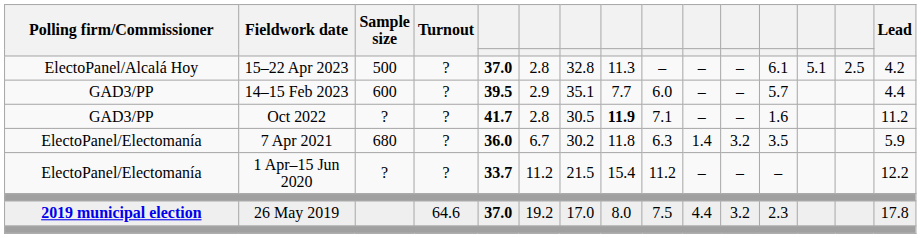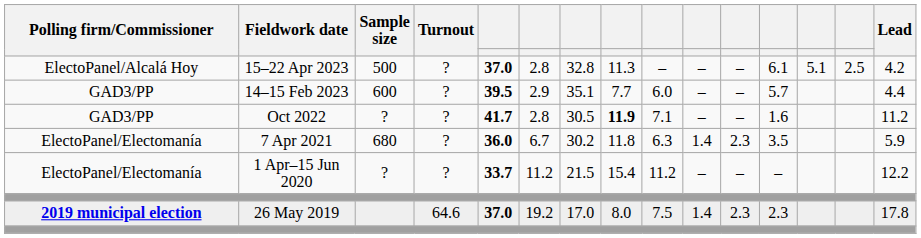 <table class="wikitable collapsible collapsed" style="text-align:center; font-size:95%; line-height:16px;">
 <tr style="height:42px;">
 <th style="width:250px;" rowspan="2">Polling firm/Commissioner</th>
 <th style="width:125px;" rowspan="2">Fieldwork date</th>
 <th style="width:50px;" rowspan="2">Sample size</th>
 <th style="width:45px;" rowspan="2">Turnout</th>
 <th style="width:35px;"></th>
 <th style="width:35px;"></th>
 <th style="width:35px;"></th>
 <th style="width:35px;"></th>
 <th style="width:35px;"></th>
 <th style="width:35px;"></th>
 <th style="width:35px;"></th>
 <th style="width:35px;"></th>
 <th style="width:35px;"></th>
 <th style="width:35px;"></th>
 <th style="width:30px;" rowspan="2">Lead</th>
 </tr>
 <tr>
 <th style="color:inherit;background:"></th>
 <th style="color:inherit;background:"></th>
 <th style="color:inherit;background:"></th>
 <th style="color:inherit;background:"></th>
 <th style="color:inherit;background:"></th>
 <th style="color:inherit;background:"></th>
 <th style="color:inherit;background:"></th>
 <th style="color:inherit;background:"></th>
 <th style="color:inherit;background:"></th>
 <th style="color:inherit;background:"></th>
 </tr>
 <tr>
 <td>ElectoPanel/Alcalá Hoy</td>
 <td>15–22 Apr 2023</td>
 <td>500</td>
 <td>?</td>
 <td><strong>37.0</strong><br></td>
 <td>2.8<br></td>
 <td>32.8<br></td>
 <td>11.3<br></td>
 <td>–</td>
 <td>–</td>
 <td>–</td>
 <td>6.1<br></td>
 <td>5.1<br></td>
 <td>2.5<br></td>
 <td style="background:">4.2</td>
 </tr>
 <tr>
 <td>GAD3/PP</td>
 <td>14–15 Feb 2023</td>
 <td>600</td>
 <td>?</td>
 <td><strong>39.5</strong><br></td>
 <td>2.9<br></td>
 <td>35.1<br></td>
 <td>7.7<br></td>
 <td>6.0<br></td>
 <td>–</td>
 <td>–</td>
 <td>5.7<br></td>
 <td></td>
 <td></td>
 <td style="background:">4.4</td>
 </tr>
 <tr>
 <td>GAD3/PP</td>
 <td>Oct 2022</td>
 <td>?</td>
 <td>?</td>
 <td><strong>41.7</strong><br></td>
 <td>2.8<br></td>
 <td>30.5<br></td>
 <td><strong>11.9<br></strong></td>
 <td>7.1<br></td>
 <td>–</td>
 <td>–</td>
 <td>1.6<br></td>
 <td></td>
 <td></td>
 <td style="background:">11.2</td>
 </tr>
 <tr>
 <td>ElectoPanel/Electomanía</td>
 <td>7 Apr 2021</td>
 <td>680</td>
 <td>?</td>
 <td><strong>36.0</strong><br></td>
 <td>6.7<br></td>
 <td>30.2<br></td>
 <td>11.8<br></td>
 <td>6.3<br></td>
 <td>1.4<br></td>
-<td>3.2<br></td>
+<td>2.3<br></td>
 <td>3.5<br></td>
 <td></td>
 <td></td>
 <td style="background:">5.9</td>
 </tr>
 <tr>
 <td>ElectoPanel/Electomanía</td>
 <td>1 Apr–15 Jun 2020</td>
 <td>?</td>
 <td>?</td>
 <td><strong>33.7</strong><br></td>
 <td>11.2<br></td>
 <td>21.5<br></td>
 <td>15.4<br></td>
 <td>11.2<br></td>
 <td>–</td>
 <td>–</td>
 <td>–</td>
 <td></td>
 <td></td>
 <td style="background:">12.2</td>
 </tr>
 <tr>
 <td colspan="15" style="background:#A0A0A0"></td>
 </tr>
 <tr style="background:#EFEFEF;">
 <td><strong><a href='#'>2019 municipal election</a></strong></td>
 <td>26 May 2019</td>
 <td></td>
 <td>64.6</td>
 <td><strong>37.0</strong><br></td>
 <td>19.2<br></td>
 <td>17.0<br></td>
 <td>8.0<br></td>
 <td>7.5<br></td>
-<td>4.4<br></td>
-<td>3.2<br></td>
+<td>1.4<br></td>
+<td>2.3<br></td>
 <td>2.3<br></td>
 <td></td>
 <td></td>
 <td style="background:">17.8</td>
 </tr>
 <tr>
 <td colspan="15" style="background:#A0A0A0"></td>
 </tr>
 </table>
